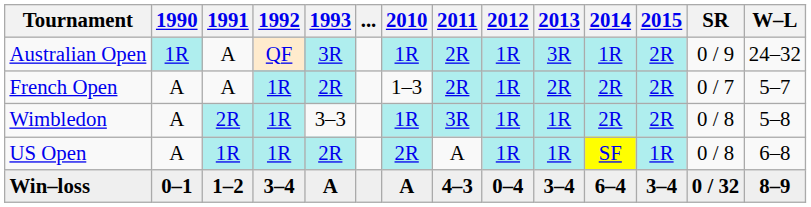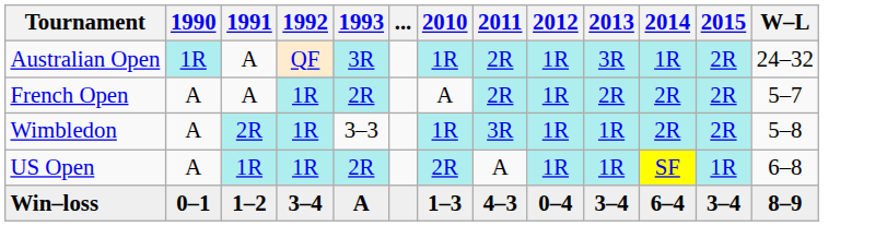 <table class="wikitable" style="text-align:center;">
 <tr>
 <th>Tournament</th>
 <th><a href='#'>1990</a></th>
 <th><a href='#'>1991</a></th>
 <th><a href='#'>1992</a></th>
 <th><a href='#'>1993</a></th>
 <th>...</th>
 <th><a href='#'>2010</a></th>
 <th><a href='#'>2011</a></th>
 <th><a href='#'>2012</a></th>
 <th><a href='#'>2013</a></th>
 <th><a href='#'>2014</a></th>
 <th><a href='#'>2015</a></th>
-<th>SR</th>
 <th>W–L</th>
 </tr>
 <tr>
 <td align="left"><a href='#'>Australian Open</a></td>
 <td bgcolor="#afeeee"><a href='#'>1R</a></td>
 <td>A</td>
 <td bgcolor="#ffebcd"><a href='#'>QF</a></td>
 <td bgcolor="#afeeee"><a href='#'>3R</a></td>
 <td></td>
 <td bgcolor="#afeeee"><a href='#'>1R</a></td>
 <td bgcolor="#afeeee"><a href='#'>2R</a></td>
 <td bgcolor="#afeeee"><a href='#'>1R</a></td>
 <td bgcolor="#afeeee"><a href='#'>3R</a></td>
 <td bgcolor="#afeeee"><a href='#'>1R</a></td>
 <td bgcolor="#afeeee"><a href='#'>2R</a></td>
-<td>0 / 9</td>
 <td>24–32</td>
 </tr>
 <tr>
 <td align="left"><a href='#'>French Open</a></td>
 <td>A</td>
 <td>A</td>
 <td bgcolor="#afeeee"><a href='#'>1R</a></td>
 <td bgcolor="#afeeee"><a href='#'>2R</a></td>
 <td></td>
-<td>1–3</td>
+<td>A</td>
 <td bgcolor="#afeeee"><a href='#'>2R</a></td>
 <td bgcolor="#afeeee"><a href='#'>1R</a></td>
 <td bgcolor="#afeeee"><a href='#'>2R</a></td>
 <td bgcolor="#afeeee"><a href='#'>2R</a></td>
 <td bgcolor="#afeeee"><a href='#'>2R</a></td>
-<td>0 / 7</td>
 <td>5–7</td>
 </tr>
 <tr>
 <td align="left"><a href='#'>Wimbledon</a></td>
 <td>A</td>
 <td bgcolor="#afeeee"><a href='#'>2R</a></td>
 <td bgcolor="#afeeee"><a href='#'>1R</a></td>
 <td>3–3</td>
 <td></td>
 <td bgcolor="#afeeee"><a href='#'>1R</a></td>
 <td bgcolor="#afeeee"><a href='#'>3R</a></td>
 <td bgcolor="#afeeee"><a href='#'>1R</a></td>
 <td bgcolor="#afeeee"><a href='#'>1R</a></td>
 <td bgcolor="#afeeee"><a href='#'>2R</a></td>
 <td bgcolor="#afeeee"><a href='#'>2R</a></td>
-<td>0 / 8</td>
 <td>5–8</td>
 </tr>
 <tr>
 <td align="left"><a href='#'>US Open</a></td>
 <td>A</td>
 <td bgcolor="#afeeee"><a href='#'>1R</a></td>
 <td bgcolor="#afeeee"><a href='#'>1R</a></td>
 <td bgcolor="#afeeee"><a href='#'>2R</a></td>
 <td></td>
 <td bgcolor="#afeeee"><a href='#'>2R</a></td>
 <td>A</td>
 <td bgcolor="#afeeee"><a href='#'>1R</a></td>
 <td bgcolor="#afeeee"><a href='#'>1R</a></td>
 <td bgcolor="yellow"><a href='#'>SF</a></td>
 <td bgcolor="#afeeee"><a href='#'>1R</a></td>
-<td>0 / 8</td>
 <td>6–8</td>
 </tr>
 <tr style=background:#efefef;font-weight:bold>
 <td style="text-align:left">Win–loss</td>
 <td>0–1</td>
 <td>1–2</td>
 <td>3–4</td>
 <td>A</td>
 <td></td>
-<td>A</td>
+<td>1–3</td>
 <td>4–3</td>
 <td>0–4</td>
 <td>3–4</td>
 <td>6–4</td>
 <td>3–4</td>
-<td>0 / 32</td>
 <td>8–9</td>
 </tr>
 </table>
